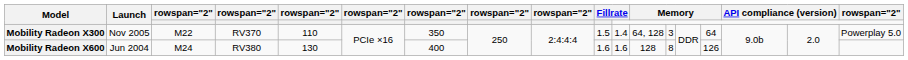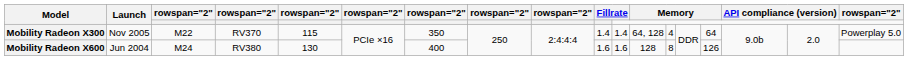 <table class="mw-datatable wikitable sortable" style="font-size: 80%; text-align:center;">
 <tr>
 <th rowspan="2">Model</th>
 <th rowspan="2">Launch</th>
 <th>rowspan="2" </th>
 <th>rowspan="2" </th>
 <th>rowspan="2" </th>
 <th>rowspan="2" </th>
 <th>rowspan="2" </th>
 <th>rowspan="2" </th>
 <th>rowspan="2" </th>
 <th colspan="2"><a href='#'>Fillrate</a></th>
 <th colspan="4">Memory</th>
 <th colspan="2"><a href='#'>API</a> compliance (version)</th>
 <th>rowspan="2" </th>
 </tr>
 <tr>
 <th></th>
 <th></th>
 <th></th>
 <th></th>
 <th></th>
 <th></th>
 <th></th>
 <th></th>
 </tr>
 <tr>
 <th>Mobility Radeon X300</th>
 <td>Nov 2005</td>
 <td>M22</td>
 <td>RV370</td>
-<td>110</td>
+<td>115</td>
 <td rowspan="2">PCIe ×16</td>
 <td>350</td>
 <td rowspan="2">250</td>
 <td rowspan="2">2:4:4:4</td>
-<td>1.5</td>
+<td>1.4</td>
 <td>1.4</td>
 <td>64, 128</td>
-<td>3</td>
+<td>4</td>
 <td rowspan="2">DDR</td>
 <td>64</td>
 <td rowspan="2">9.0b</td>
 <td rowspan="2">2.0</td>
 <td>Powerplay 5.0</td>
 </tr>
 <tr>
 <th>Mobility Radeon X600</th>
 <td>Jun 2004</td>
 <td>M24</td>
 <td>RV380</td>
 <td>130</td>
 <td>400</td>
 <td>1.6</td>
 <td>1.6</td>
 <td>128</td>
 <td>8</td>
 <td>126</td>
 <td></td>
 </tr>
 </table>
